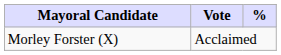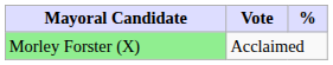 <table class="wikitable">
 <tr>
 <th style="background:#ddf; width:200px;">Mayoral Candidate </th>
 <th style="background:#ddf; width:50px;">Vote</th>
 <th style="background:#ddf; width:30px;">%</th>
 </tr>
 <tr>
-<td>Morley Forster (X)</td>
+<td style="background: lightgreen;">Morley Forster (X)</td>
 <td colspan="2">Acclaimed</td>
 </tr>
 </table>
